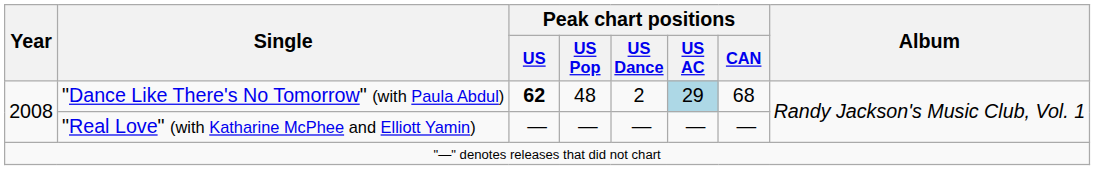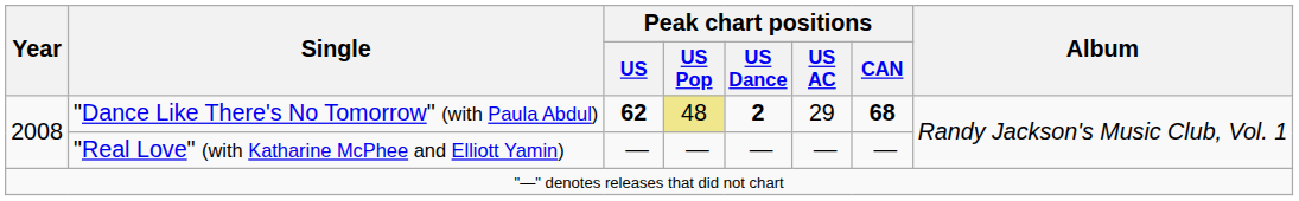 <table class="wikitable" style="text-align:center;">
 <tr>
 <th rowspan="2">Year</th>
 <th rowspan="2">Single</th>
 <th colspan="5">Peak chart positions</th>
 <th rowspan="2">Album</th>
 </tr>
 <tr style="font-size:smaller;">
 <th style="width:35px;"><a href='#'>US</a></th>
 <th style="width:35px;"><a href='#'>US Pop</a></th>
 <th style="width:35px;"><a href='#'>US Dance</a></th>
 <th style="width:35px;"><a href='#'>US AC</a></th>
 <th style="width:35px;"><a href='#'>CAN</a></th>
 </tr>
 <tr>
 <td rowspan="2">2008</td>
 <td style="text-align:left;">"<a href='#'>Dance Like There's No Tomorrow</a>" <small>(with <a href='#'>Paula Abdul</a>)</small></td>
 <td><strong>62</strong></td>
-<td>48</td>
-<td>2</td>
-<td style="background: lightblue;">29</td>
-<td>68</td>
+<td style="background: khaki;">48</td>
+<td><strong>2</strong></td>
+<td>29</td>
+<td><strong>68</strong></td>
 <td style="text-align:left;" rowspan="2"><em>Randy Jackson's Music Club, Vol. 1</em></td>
 </tr>
 <tr>
 <td style="text-align:left;">"<a href='#'>Real Love</a>" <small>(with <a href='#'>Katharine McPhee</a> and <a href='#'>Elliott Yamin</a>)</small></td>
 <td> —</td>
 <td> —</td>
 <td> —</td>
 <td> —</td>
 <td> —</td>
 </tr>
 <tr>
 <td colspan="10" style="font-size:8pt">"—" denotes releases that did not chart</td>
 </tr>
 </table>
